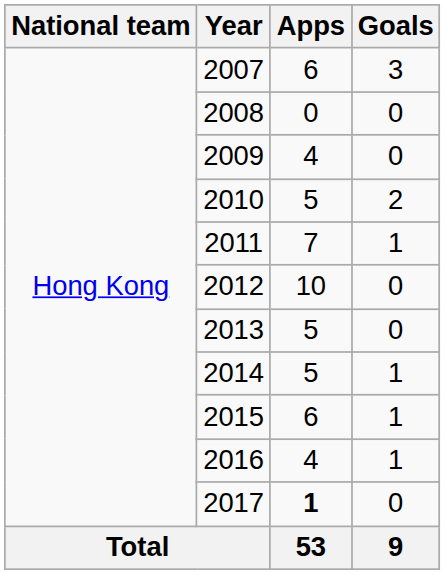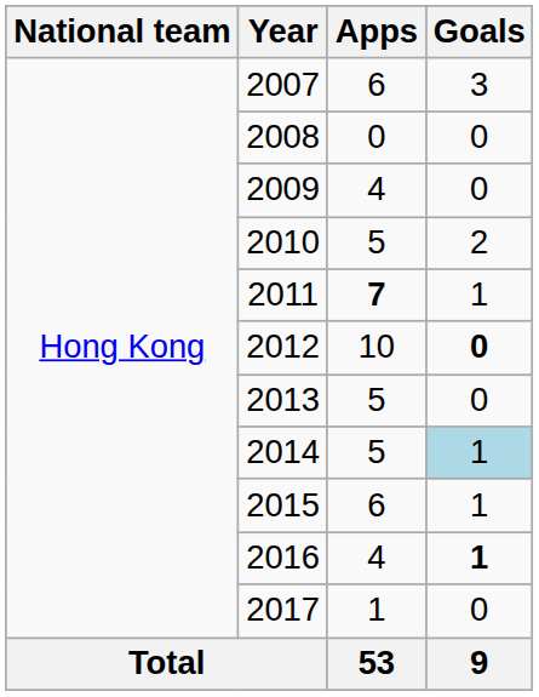 <table class="wikitable" style="text-align:center">
 <tr>
 <th>National team</th>
 <th>Year</th>
 <th>Apps</th>
 <th>Goals</th>
 </tr>
 <tr>
 <td rowspan="11"><a href='#'>Hong Kong</a></td>
 <td>2007</td>
 <td>6</td>
 <td>3</td>
 </tr>
 <tr>
 <td>2008</td>
 <td>0</td>
 <td>0</td>
 </tr>
 <tr>
 <td>2009</td>
 <td>4</td>
 <td>0</td>
 </tr>
 <tr>
 <td>2010</td>
 <td>5</td>
 <td>2</td>
 </tr>
 <tr>
 <td>2011</td>
-<td>7</td>
+<td><strong>7</strong></td>
 <td>1</td>
 </tr>
 <tr>
 <td>2012</td>
 <td>10</td>
-<td>0</td>
+<td><strong>0</strong></td>
 </tr>
 <tr>
 <td>2013</td>
 <td>5</td>
 <td>0</td>
 </tr>
 <tr>
 <td>2014</td>
 <td>5</td>
-<td>1</td>
+<td style="background: lightblue;">1</td>
 </tr>
 <tr>
 <td>2015</td>
 <td>6</td>
 <td>1</td>
 </tr>
 <tr>
 <td>2016</td>
 <td>4</td>
-<td>1</td>
+<td><strong>1</strong></td>
 </tr>
 <tr>
 <td>2017</td>
-<td><strong>1</strong></td>
+<td>1</td>
 <td>0</td>
 </tr>
 <tr>
 <th colspan=2>Total</th>
 <th>53</th>
 <th>9</th>
 </tr>
 </table>
